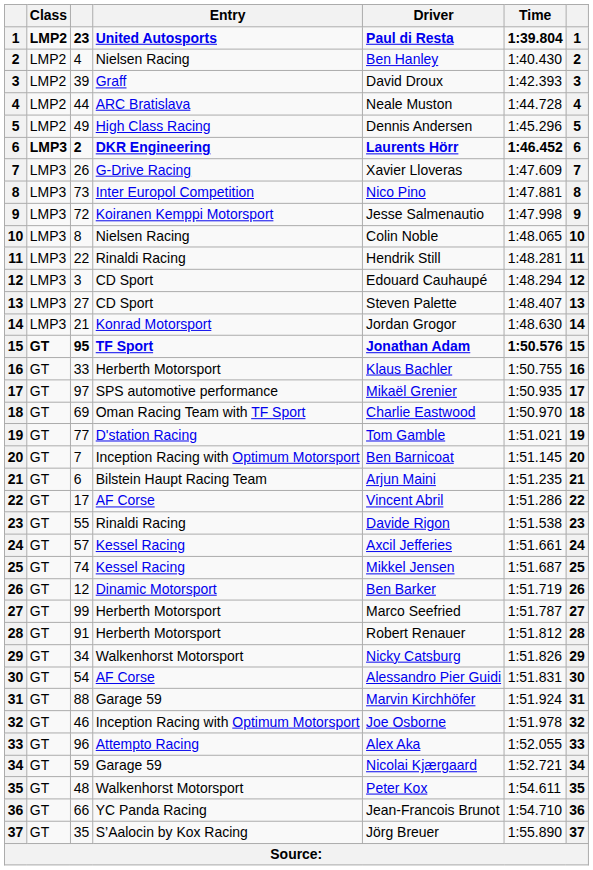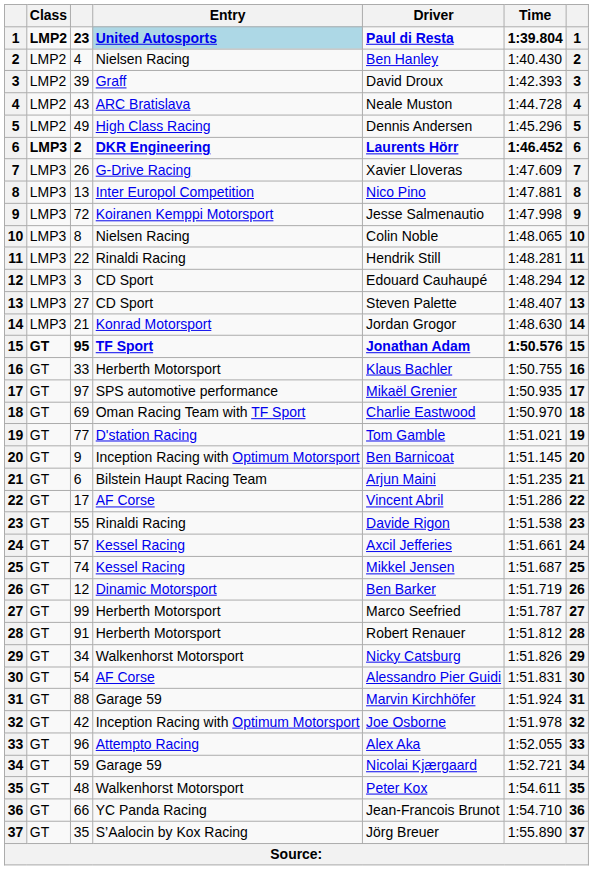 <table class="wikitable sortable" style="font-size:90%;">
 <tr>
 <th></th>
 <th class="unsortable">Class</th>
 <th class="unsortable"></th>
 <th class="unsortable">Entry</th>
 <th class="unsortable">Driver</th>
 <th class="unsortable">Time</th>
 <th></th>
 </tr>
 <tr>
 <th>1</th>
 <td><strong>LMP2</strong></td>
 <td><strong>23</strong></td>
-<td><strong> <a href='#'>United Autosports</a></strong></td>
+<td style="background: lightblue;"><strong> <a href='#'>United Autosports</a></strong></td>
 <td><strong> <a href='#'>Paul di Resta</a></strong></td>
 <td><strong>1:39.804</strong></td>
 <th>1</th>
 </tr>
 <tr>
 <th>2</th>
 <td>LMP2</td>
 <td>4</td>
 <td> Nielsen Racing</td>
 <td> <a href='#'>Ben Hanley</a></td>
 <td>1:40.430</td>
 <th>2</th>
 </tr>
 <tr>
 <th>3</th>
 <td>LMP2</td>
 <td>39</td>
 <td> <a href='#'>Graff</a></td>
 <td> David Droux</td>
 <td>1:42.393</td>
 <th>3</th>
 </tr>
 <tr>
 <th>4</th>
 <td>LMP2</td>
-<td>44</td>
+<td>43</td>
 <td> <a href='#'>ARC Bratislava</a></td>
 <td> Neale Muston</td>
 <td>1:44.728</td>
 <th>4</th>
 </tr>
 <tr>
 <th>5</th>
 <td>LMP2</td>
 <td>49</td>
 <td> <a href='#'>High Class Racing</a></td>
 <td> Dennis Andersen</td>
 <td>1:45.296</td>
 <th>5</th>
 </tr>
 <tr>
 <th>6</th>
 <td><strong>LMP3</strong></td>
 <td><strong>2</strong></td>
 <td><strong> <a href='#'>DKR Engineering</a></strong></td>
 <td><strong> <a href='#'>Laurents Hörr</a></strong></td>
 <td><strong>1:46.452</strong></td>
 <th>6</th>
 </tr>
 <tr>
 <th>7</th>
 <td>LMP3</td>
 <td>26</td>
 <td> <a href='#'>G-Drive Racing</a></td>
 <td> Xavier Lloveras</td>
 <td>1:47.609</td>
 <th>7</th>
 </tr>
 <tr>
 <th>8</th>
 <td>LMP3</td>
-<td>73</td>
+<td>13</td>
 <td> <a href='#'>Inter Europol Competition</a></td>
 <td> <a href='#'>Nico Pino</a></td>
 <td>1:47.881</td>
 <th>8</th>
 </tr>
 <tr>
 <th>9</th>
 <td>LMP3</td>
 <td>72</td>
 <td> <a href='#'>Koiranen Kemppi Motorsport</a></td>
 <td> Jesse Salmenautio</td>
 <td>1:47.998</td>
 <th>9</th>
 </tr>
 <tr>
 <th>10</th>
 <td>LMP3</td>
 <td>8</td>
 <td> Nielsen Racing</td>
 <td> Colin Noble</td>
 <td>1:48.065</td>
 <th>10</th>
 </tr>
 <tr>
 <th>11</th>
 <td>LMP3</td>
 <td>22</td>
 <td> Rinaldi Racing</td>
 <td> Hendrik Still</td>
 <td>1:48.281</td>
 <th>11</th>
 </tr>
 <tr>
 <th>12</th>
 <td>LMP3</td>
 <td>3</td>
 <td> CD Sport</td>
 <td> Edouard Cauhaupé</td>
 <td>1:48.294</td>
 <th>12</th>
 </tr>
 <tr>
 <th>13</th>
 <td>LMP3</td>
 <td>27</td>
 <td> CD Sport</td>
 <td> Steven Palette</td>
 <td>1:48.407</td>
 <th>13</th>
 </tr>
 <tr>
 <th>14</th>
 <td>LMP3</td>
 <td>21</td>
 <td> <a href='#'>Konrad Motorsport</a></td>
 <td> Jordan Grogor</td>
 <td>1:48.630</td>
 <th>14</th>
 </tr>
 <tr>
 <th>15</th>
 <td><strong>GT</strong></td>
 <td><strong>95</strong></td>
 <td><strong> <a href='#'>TF Sport</a></strong></td>
 <td><strong> <a href='#'>Jonathan Adam</a></strong></td>
 <td><strong>1:50.576</strong></td>
 <th>15</th>
 </tr>
 <tr>
 <th>16</th>
 <td>GT</td>
 <td>33</td>
 <td> Herberth Motorsport</td>
 <td> <a href='#'>Klaus Bachler</a></td>
 <td>1:50.755</td>
 <th>16</th>
 </tr>
 <tr>
 <th>17</th>
 <td>GT</td>
 <td>97</td>
 <td> SPS automotive performance</td>
 <td> <a href='#'>Mikaël Grenier</a></td>
 <td>1:50.935</td>
 <th>17</th>
 </tr>
 <tr>
 <th>18</th>
 <td>GT</td>
 <td>69</td>
 <td> Oman Racing Team with <a href='#'>TF Sport</a></td>
 <td> <a href='#'>Charlie Eastwood</a></td>
 <td>1:50.970</td>
 <th>18</th>
 </tr>
 <tr>
 <th>19</th>
 <td>GT</td>
 <td>77</td>
 <td> <a href='#'>D'station Racing</a></td>
 <td> <a href='#'>Tom Gamble</a></td>
 <td>1:51.021</td>
 <th>19</th>
 </tr>
 <tr>
 <th>20</th>
 <td>GT</td>
-<td>7</td>
+<td>9</td>
 <td> Inception Racing with <a href='#'>Optimum Motorsport</a></td>
 <td> <a href='#'>Ben Barnicoat</a></td>
 <td>1:51.145</td>
 <th>20</th>
 </tr>
 <tr>
 <th>21</th>
 <td>GT</td>
 <td>6</td>
 <td> Bilstein Haupt Racing Team</td>
 <td> <a href='#'>Arjun Maini</a></td>
 <td>1:51.235</td>
 <th>21</th>
 </tr>
 <tr>
 <th>22</th>
 <td>GT</td>
 <td>17</td>
 <td> <a href='#'>AF Corse</a></td>
 <td> <a href='#'>Vincent Abril</a></td>
 <td>1:51.286</td>
 <th>22</th>
 </tr>
 <tr>
 <th>23</th>
 <td>GT</td>
 <td>55</td>
 <td> Rinaldi Racing</td>
 <td> <a href='#'>Davide Rigon</a></td>
 <td>1:51.538</td>
 <th>23</th>
 </tr>
 <tr>
 <th>24</th>
 <td>GT</td>
 <td>57</td>
 <td> <a href='#'>Kessel Racing</a></td>
 <td> <a href='#'>Axcil Jefferies</a></td>
 <td>1:51.661</td>
 <th>24</th>
 </tr>
 <tr>
 <th>25</th>
 <td>GT</td>
 <td>74</td>
 <td> <a href='#'>Kessel Racing</a></td>
 <td> <a href='#'>Mikkel Jensen</a></td>
 <td>1:51.687</td>
 <th>25</th>
 </tr>
 <tr>
 <th>26</th>
 <td>GT</td>
 <td>12</td>
 <td> <a href='#'>Dinamic Motorsport</a></td>
 <td> <a href='#'>Ben Barker</a></td>
 <td>1:51.719</td>
 <th>26</th>
 </tr>
 <tr>
 <th>27</th>
 <td>GT</td>
 <td>99</td>
 <td> Herberth Motorsport</td>
 <td> Marco Seefried</td>
 <td>1:51.787</td>
 <th>27</th>
 </tr>
 <tr>
 <th>28</th>
 <td>GT</td>
 <td>91</td>
 <td> Herberth Motorsport</td>
 <td> Robert Renauer</td>
 <td>1:51.812</td>
 <th>28</th>
 </tr>
 <tr>
 <th>29</th>
 <td>GT</td>
 <td>34</td>
 <td> Walkenhorst Motorsport</td>
 <td> <a href='#'>Nicky Catsburg</a></td>
 <td>1:51.826</td>
 <th>29</th>
 </tr>
 <tr>
 <th>30</th>
 <td>GT</td>
 <td>54</td>
 <td> <a href='#'>AF Corse</a></td>
 <td> <a href='#'>Alessandro Pier Guidi</a></td>
 <td>1:51.831</td>
 <th>30</th>
 </tr>
 <tr>
 <th>31</th>
 <td>GT</td>
 <td>88</td>
 <td> Garage 59</td>
 <td> <a href='#'>Marvin Kirchhöfer</a></td>
 <td>1:51.924</td>
 <th>31</th>
 </tr>
 <tr>
 <th>32</th>
 <td>GT</td>
-<td>46</td>
+<td>42</td>
 <td> Inception Racing with <a href='#'>Optimum Motorsport</a></td>
 <td> <a href='#'>Joe Osborne</a></td>
 <td>1:51.978</td>
 <th>32</th>
 </tr>
 <tr>
 <th>33</th>
 <td>GT</td>
 <td>96</td>
 <td> <a href='#'>Attempto Racing</a></td>
 <td> <a href='#'>Alex Aka</a></td>
 <td>1:52.055</td>
 <th>33</th>
 </tr>
 <tr>
 <th>34</th>
 <td>GT</td>
 <td>59</td>
 <td> Garage 59</td>
 <td> <a href='#'>Nicolai Kjærgaard</a></td>
 <td>1:52.721</td>
 <th>34</th>
 </tr>
 <tr>
 <th>35</th>
 <td>GT</td>
 <td>48</td>
 <td> Walkenhorst Motorsport</td>
 <td> <a href='#'>Peter Kox</a></td>
 <td>1:54.611</td>
 <th>35</th>
 </tr>
 <tr>
 <th>36</th>
 <td>GT</td>
 <td>66</td>
 <td> YC Panda Racing</td>
 <td> Jean-Francois Brunot</td>
 <td>1:54.710</td>
 <th>36</th>
 </tr>
 <tr>
 <th>37</th>
 <td>GT</td>
 <td>35</td>
 <td> S’Aalocin by Kox Racing</td>
 <td> Jörg Breuer</td>
 <td>1:55.890</td>
 <th>37</th>
 </tr>
 <tr>
 <th colspan="7">Source:</th>
 </tr>
 </table>
